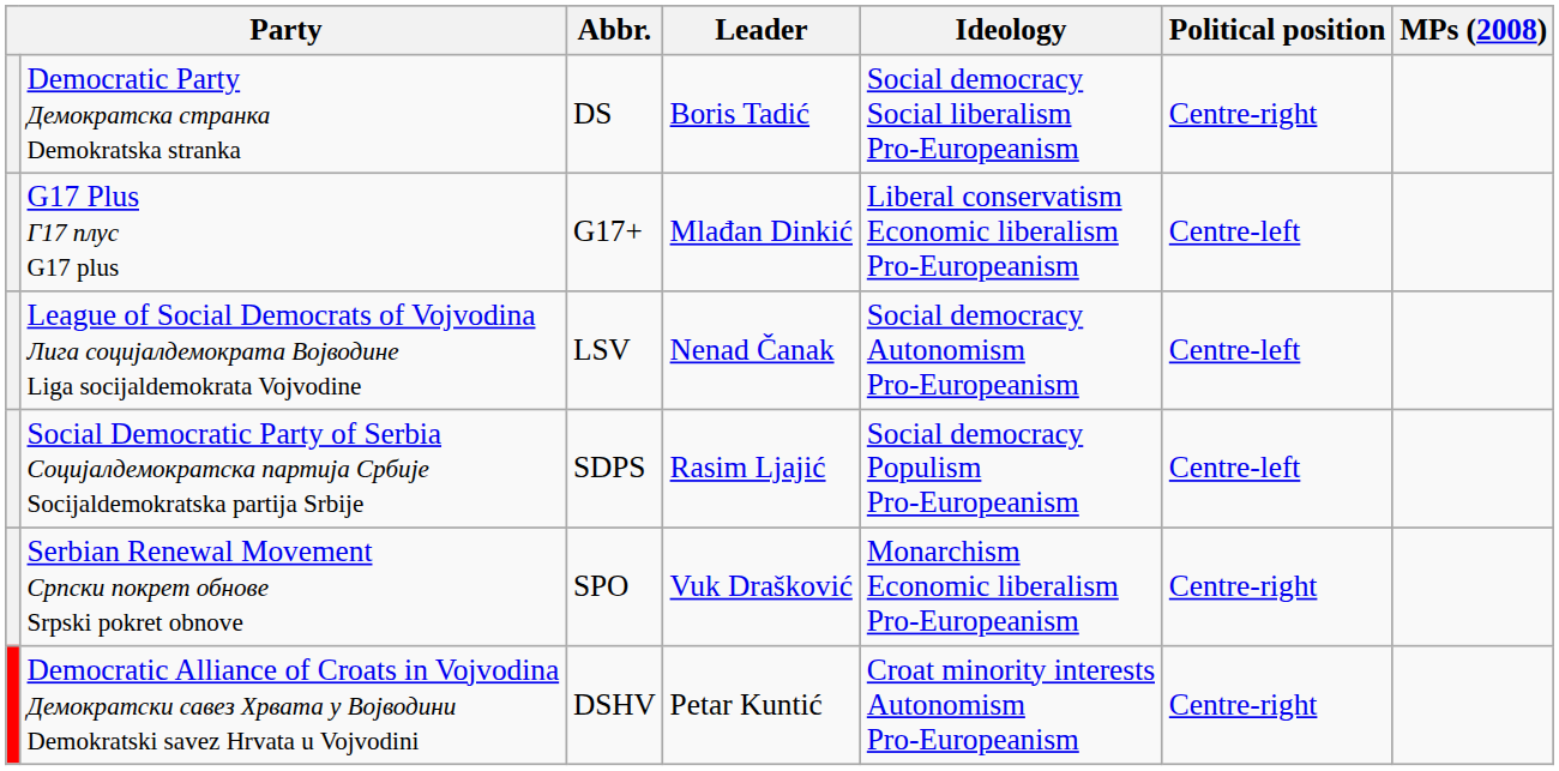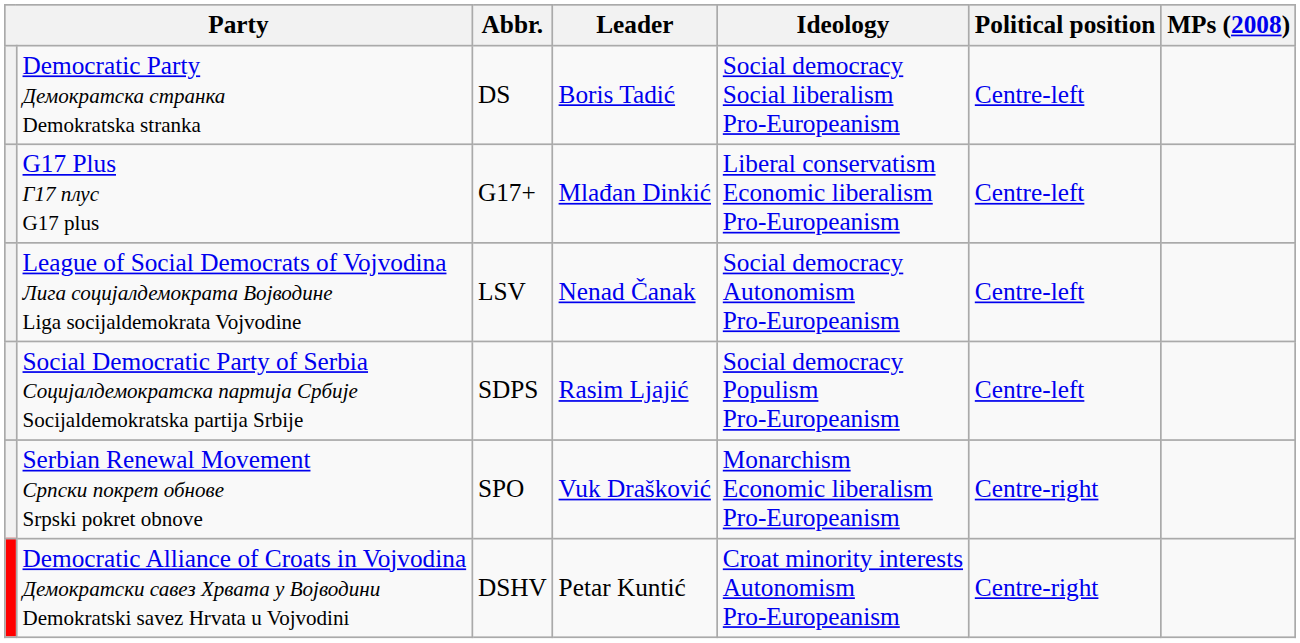 <table class="wikitable" style="text-align; font-size:93%;">
 <tr>
 <th colspan=2>Party</th>
 <th>Abbr.</th>
 <th>Leader</th>
 <th>Ideology</th>
 <th>Political position</th>
 <th>MPs (<a href='#'>2008</a>)</th>
 </tr>
 <tr>
 <th style="background-color:"></th>
 <td><a href='#'>Democratic Party</a><br><small><em>Демократска странка</em><br>Demokratska stranka</small></td>
 <td>DS</td>
 <td><a href='#'>Boris Tadić</a></td>
 <td><a href='#'>Social democracy</a><br><a href='#'>Social liberalism</a><br><a href='#'>Pro-Europeanism</a></td>
-<td><a href='#'>Centre-right</a></td>
+<td><a href='#'>Centre-left</a></td>
 <td></td>
 </tr>
 <tr>
 <th style="background-color:"></th>
 <td><a href='#'>G17 Plus</a><br><small><em>Г17 плус</em><br>G17 plus</small></td>
 <td>G17+</td>
 <td><a href='#'>Mlađan Dinkić</a></td>
 <td><a href='#'>Liberal conservatism</a><br><a href='#'>Economic liberalism</a><br><a href='#'>Pro-Europeanism</a></td>
 <td><a href='#'>Centre-left</a></td>
 <td></td>
 </tr>
 <tr>
 <th style="background-color:"></th>
 <td><a href='#'>League of Social Democrats of Vojvodina</a><br><small><em>Лига социјалдемократа Војводине</em><br>Liga socijaldemokrata Vojvodine</small></td>
 <td>LSV</td>
 <td><a href='#'>Nenad Čanak</a></td>
 <td><a href='#'>Social democracy</a><br><a href='#'>Autonomism</a><br><a href='#'>Pro-Europeanism</a></td>
 <td><a href='#'>Centre-left</a></td>
 <td></td>
 </tr>
 <tr>
 <th style="background-color:"></th>
 <td><a href='#'>Social Democratic Party of Serbia</a><br><small><em>Социјалдемократска партија Србије</em><br>Socijaldemokratska partija Srbije</small></td>
 <td>SDPS</td>
 <td><a href='#'>Rasim Ljajić</a></td>
 <td><a href='#'>Social democracy</a><br><a href='#'>Populism</a><br><a href='#'>Pro-Europeanism</a></td>
 <td><a href='#'>Centre-left</a></td>
 <td></td>
 </tr>
 <tr>
 <th style="background-color:"></th>
 <td><a href='#'>Serbian Renewal Movement</a><br><small><em>Српски покрет обнове</em><br>Srpski pokret obnove</small></td>
 <td>SPO</td>
 <td><a href='#'>Vuk Drašković</a></td>
 <td><a href='#'>Monarchism</a><br><a href='#'>Economic liberalism</a><br><a href='#'>Pro-Europeanism</a></td>
 <td><a href='#'>Centre-right</a></td>
 <td></td>
 </tr>
 <tr>
 <th style="background-color:red;"></th>
 <td><a href='#'>Democratic Alliance of Croats in Vojvodina</a><br><small><em>Демократски савез Хрвата у Војводини</em><br>Demokratski savez Hrvata u Vojvodini</small></td>
 <td>DSHV</td>
 <td>Petar Kuntić</td>
 <td><a href='#'>Croat minority interests</a><br><a href='#'>Autonomism</a><br><a href='#'>Pro-Europeanism</a></td>
 <td><a href='#'>Centre-right</a></td>
 <td></td>
 </tr>
 </table>
